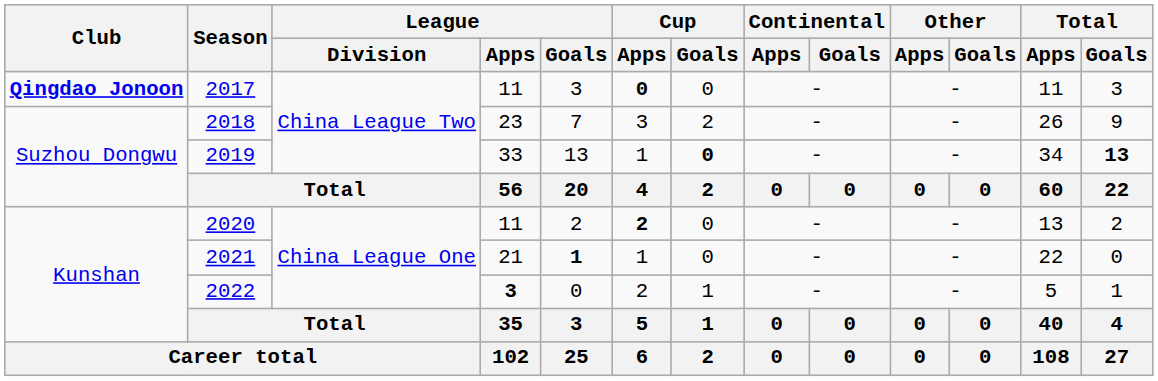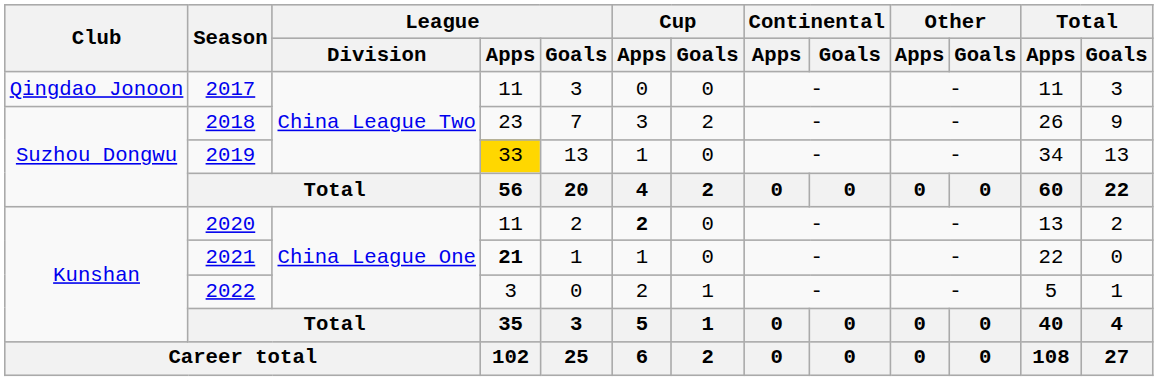 <table class="wikitable" style="text-align: center">
 <tr>
 <th rowspan="2">Club</th>
 <th rowspan="2">Season</th>
 <th colspan="3">League</th>
 <th colspan="2">Cup</th>
 <th colspan="2">Continental</th>
 <th colspan="2">Other</th>
 <th colspan="2">Total</th>
 </tr>
 <tr>
 <th>Division</th>
 <th>Apps</th>
 <th>Goals</th>
 <th>Apps</th>
 <th>Goals</th>
 <th>Apps</th>
 <th>Goals</th>
 <th>Apps</th>
 <th>Goals</th>
 <th>Apps</th>
 <th>Goals</th>
 </tr>
 <tr>
-<td><strong><a href='#'>Qingdao Jonoon</a></strong></td>
+<td><a href='#'>Qingdao Jonoon</a></td>
 <td><a href='#'>2017</a></td>
 <td rowspan="3"><a href='#'>China League Two</a></td>
 <td>11</td>
 <td>3</td>
-<td><strong>0</strong></td>
+<td>0</td>
 <td>0</td>
 <td colspan="2">-</td>
 <td colspan="2">-</td>
 <td>11</td>
 <td>3</td>
 </tr>
 <tr>
 <td rowspan="3"><a href='#'>Suzhou Dongwu</a></td>
 <td><a href='#'>2018</a></td>
 <td>23</td>
 <td>7</td>
 <td>3</td>
 <td>2</td>
 <td colspan="2">-</td>
 <td colspan="2">-</td>
 <td>26</td>
 <td>9</td>
 </tr>
 <tr>
 <td><a href='#'>2019</a></td>
-<td>33</td>
+<td style="background: gold;">33</td>
 <td>13</td>
 <td>1</td>
-<td><strong>0</strong></td>
+<td>0</td>
 <td colspan="2">-</td>
 <td colspan="2">-</td>
 <td>34</td>
-<td><strong>13</strong></td>
+<td>13</td>
 </tr>
 <tr>
 <th colspan=2>Total</th>
 <th>56</th>
 <th>20</th>
 <th>4</th>
 <th>2</th>
 <th>0</th>
 <th>0</th>
 <th>0</th>
 <th>0</th>
 <th>60</th>
 <th>22</th>
 </tr>
 <tr>
 <td rowspan="4"><a href='#'>Kunshan</a></td>
 <td><a href='#'>2020</a></td>
 <td rowspan="3"><a href='#'>China League One</a></td>
 <td>11</td>
 <td>2</td>
 <td><strong>2</strong></td>
 <td>0</td>
 <td colspan="2">-</td>
 <td colspan="2">-</td>
 <td>13</td>
 <td>2</td>
 </tr>
 <tr>
 <td><a href='#'>2021</a></td>
-<td>21</td>
-<td><strong>1</strong></td>
+<td><strong>21</strong></td>
+<td>1</td>
 <td>1</td>
 <td>0</td>
 <td colspan="2">-</td>
 <td colspan="2">-</td>
 <td>22</td>
 <td>0</td>
 </tr>
 <tr>
 <td><a href='#'>2022</a></td>
-<td><strong>3</strong></td>
+<td>3</td>
 <td>0</td>
 <td>2</td>
 <td>1</td>
 <td colspan="2">-</td>
 <td colspan="2">-</td>
 <td>5</td>
 <td>1</td>
 </tr>
 <tr>
 <th colspan=2>Total</th>
 <th>35</th>
 <th>3</th>
 <th>5</th>
 <th>1</th>
 <th>0</th>
 <th>0</th>
 <th>0</th>
 <th>0</th>
 <th>40</th>
 <th>4</th>
 </tr>
 <tr>
 <th colspan=3>Career total</th>
 <th>102</th>
 <th>25</th>
 <th>6</th>
 <th>2</th>
 <th>0</th>
 <th>0</th>
 <th>0</th>
 <th>0</th>
 <th>108</th>
 <th>27</th>
 </tr>
 </table>
